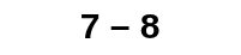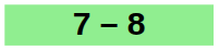 <table style="text-align:center">
 <tr>
 <th width=200></th>
 <th width=100></th>
 <th width=200></th>
 </tr>
 <tr>
 <td align=right></td>
-<td><strong>7 – 8</strong></td>
+<td style="background: lightgreen;"><strong>7 – 8</strong></td>
 <td align=left></td>
 </tr>
 </table>
